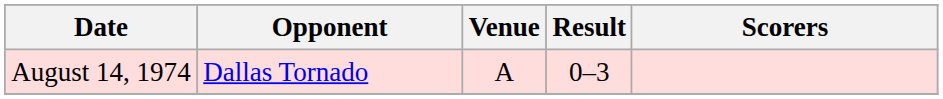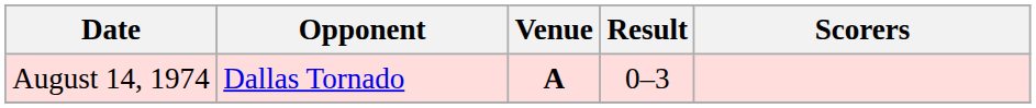 <table class="wikitable" style="font-size:95%; text-align:center">
 <tr>
 <th>Date</th>
 <th>Opponent</th>
 <th>Venue</th>
 <th>Result</th>
 <th>Scorers</th>
 </tr>
 <tr bgcolor="#ffdddd">
 <td>August 14, 1974</td>
 <td><a href='#'>Dallas Tornado</a>             </td>
-<td>A</td>
+<td><strong>A</strong></td>
 <td>0–3</td>
 <td><small>                                                    </small></td>
 </tr>
 <tr>
 </tr>
 </table>
